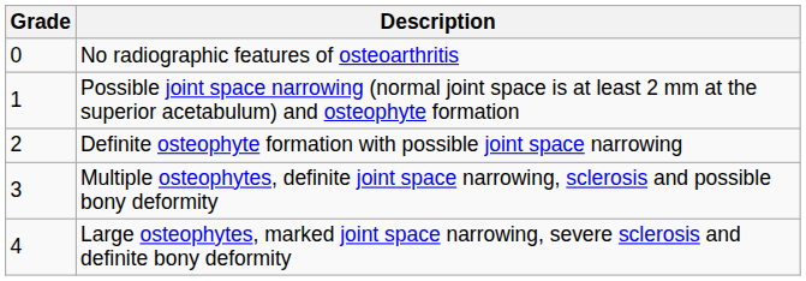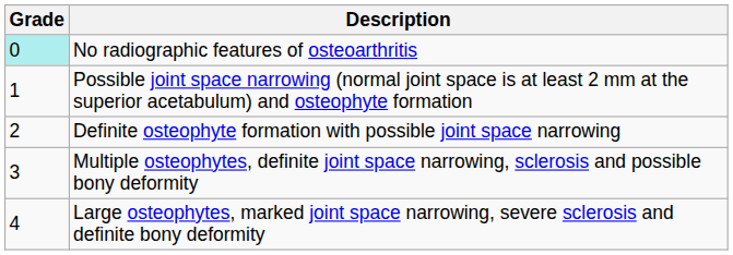 <table class="wikitable">
 <tr>
 <th>Grade</th>
 <th>Description</th>
 </tr>
 <tr>
-<td>0</td>
+<td style="background: paleturquoise;">0</td>
 <td>No radiographic features of <a href='#'>osteoarthritis</a></td>
 </tr>
 <tr>
 <td>1</td>
 <td>Possible <a href='#'>joint space narrowing</a> (normal joint space is at least 2 mm at the superior acetabulum) and <a href='#'>osteophyte</a> formation</td>
 </tr>
 <tr>
 <td>2</td>
 <td>Definite <a href='#'>osteophyte</a> formation with possible <a href='#'>joint space</a> narrowing</td>
 </tr>
 <tr>
 <td>3</td>
 <td>Multiple <a href='#'>osteophytes</a>, definite <a href='#'>joint space</a> narrowing, <a href='#'>sclerosis</a> and possible bony deformity</td>
 </tr>
 <tr>
 <td>4</td>
 <td>Large <a href='#'>osteophytes</a>, marked <a href='#'>joint space</a> narrowing, severe <a href='#'>sclerosis</a> and definite bony deformity</td>
 </tr>
 </table>
